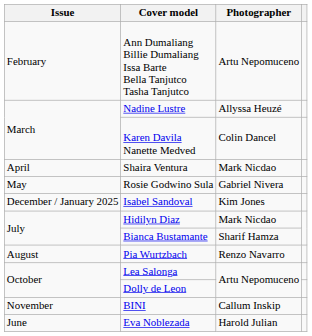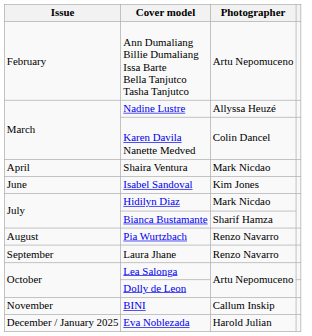 <table class="wikitable">
 <tr>
 <th>Issue</th>
 <th>Cover model</th>
 <th>Photographer</th>
 <th></th>
 </tr>
 <tr>
 <td>February</td>
 <td><br>Ann Dumaliang<br> Billie Dumaliang<br> Issa Barte<br> Bella Tanjutco<br> Tasha Tanjutco<br></td>
 <td>Artu Nepomuceno</td>
 <td></td>
 </tr>
 <tr>
 <td rowspan="2">March</td>
 <td><a href='#'>Nadine Lustre</a></td>
 <td>Allyssa Heuzé</td>
 <td></td>
 </tr>
 <tr>
 <td><br><a href='#'>Karen Davila</a><br> Nanette Medved</td>
 <td>Colin Dancel</td>
 <td></td>
 </tr>
 <tr>
 <td rowspan="1">April</td>
 <td>Shaira Ventura</td>
 <td>Mark Nicdao</td>
 <td></td>
 </tr>
 <tr>
-<td rowspan="1">May</td>
-<td>Rosie Godwino Sula</td>
-<td>Gabriel Nivera</td>
-<td></td>
-</tr>
-<tr>
-<td>December / January 2025</td>
+<td>June</td>
 <td><a href='#'>Isabel Sandoval</a></td>
 <td>Kim Jones</td>
 <td></td>
 </tr>
 <tr>
 <td rowspan="2">July</td>
 <td><a href='#'>Hidilyn Diaz</a></td>
 <td>Mark Nicdao</td>
 <td rowspan="2"></td>
 </tr>
 <tr>
 <td><a href='#'>Bianca Bustamante</a></td>
 <td>Sharif Hamza</td>
 </tr>
 <tr>
 <td>August</td>
 <td><a href='#'>Pia Wurtzbach</a></td>
 <td>Renzo Navarro</td>
 <td></td>
 </tr>
 <tr>
+<td>September</td>
+<td>Laura Jhane</td>
+<td>Renzo Navarro</td>
+<td></td>
+</tr>
+<tr>
 <td rowspan="2">October</td>
 <td><a href='#'>Lea Salonga</a></td>
 <td rowspan="2">Artu Nepomuceno</td>
 <td></td>
 </tr>
 <tr>
 <td><a href='#'>Dolly de Leon</a></td>
 <td></td>
 </tr>
 <tr>
 <td>November</td>
 <td><a href='#'>BINI</a></td>
 <td>Callum Inskip</td>
 <td></td>
 </tr>
 <tr>
-<td>June</td>
+<td>December / January 2025</td>
 <td><a href='#'>Eva Noblezada</a></td>
 <td>Harold Julian</td>
 <td></td>
 </tr>
 </table>
